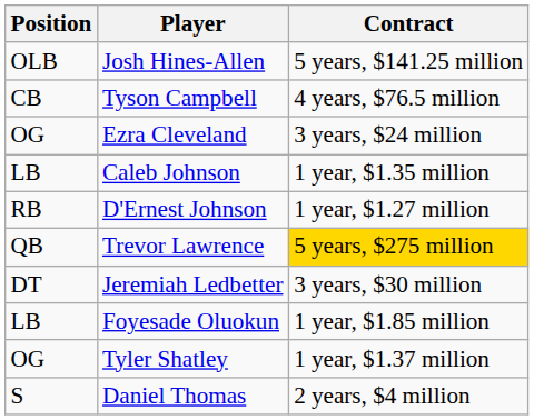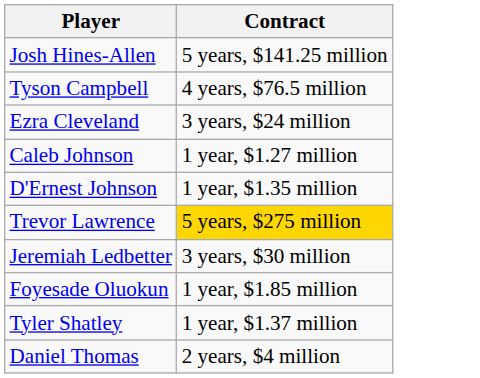 <table class="wikitable">
 <tr>
-<th>Position</th>
 <th>Player</th>
 <th>Contract</th>
 </tr>
 <tr>
-<td>OLB</td>
 <td><a href='#'>Josh Hines-Allen</a></td>
 <td>5 years, $141.25 million</td>
 </tr>
 <tr>
-<td>CB</td>
 <td><a href='#'>Tyson Campbell</a></td>
 <td>4 years, $76.5 million</td>
 </tr>
 <tr>
-<td>OG</td>
 <td><a href='#'>Ezra Cleveland</a></td>
 <td>3 years, $24 million</td>
 </tr>
 <tr>
-<td>LB</td>
 <td><a href='#'>Caleb Johnson</a></td>
+<td>1 year, $1.27 million</td>
+</tr>
+<tr>
+<td><a href='#'>D'Ernest Johnson</a></td>
 <td>1 year, $1.35 million</td>
 </tr>
 <tr>
-<td>RB</td>
-<td><a href='#'>D'Ernest Johnson</a></td>
-<td>1 year, $1.27 million</td>
-</tr>
-<tr>
-<td>QB</td>
 <td><a href='#'>Trevor Lawrence</a></td>
 <td style="background: gold;">5 years, $275 million</td>
 </tr>
 <tr>
-<td>DT</td>
 <td><a href='#'>Jeremiah Ledbetter</a></td>
 <td>3 years, $30 million</td>
 </tr>
 <tr>
-<td>LB</td>
 <td><a href='#'>Foyesade Oluokun</a></td>
 <td>1 year, $1.85 million</td>
 </tr>
 <tr>
-<td>OG</td>
 <td><a href='#'>Tyler Shatley</a></td>
 <td>1 year, $1.37 million</td>
 </tr>
 <tr>
-<td>S</td>
 <td><a href='#'>Daniel Thomas</a></td>
 <td>2 years, $4 million</td>
 </tr>
 </table>
